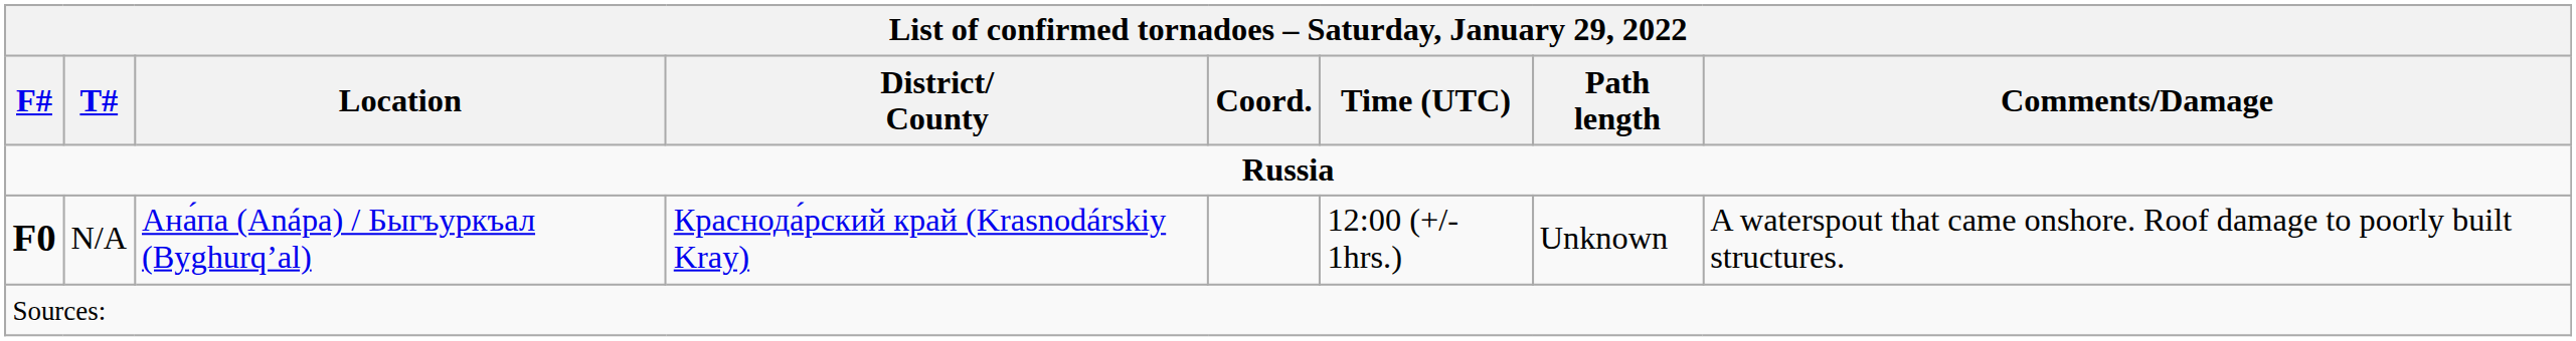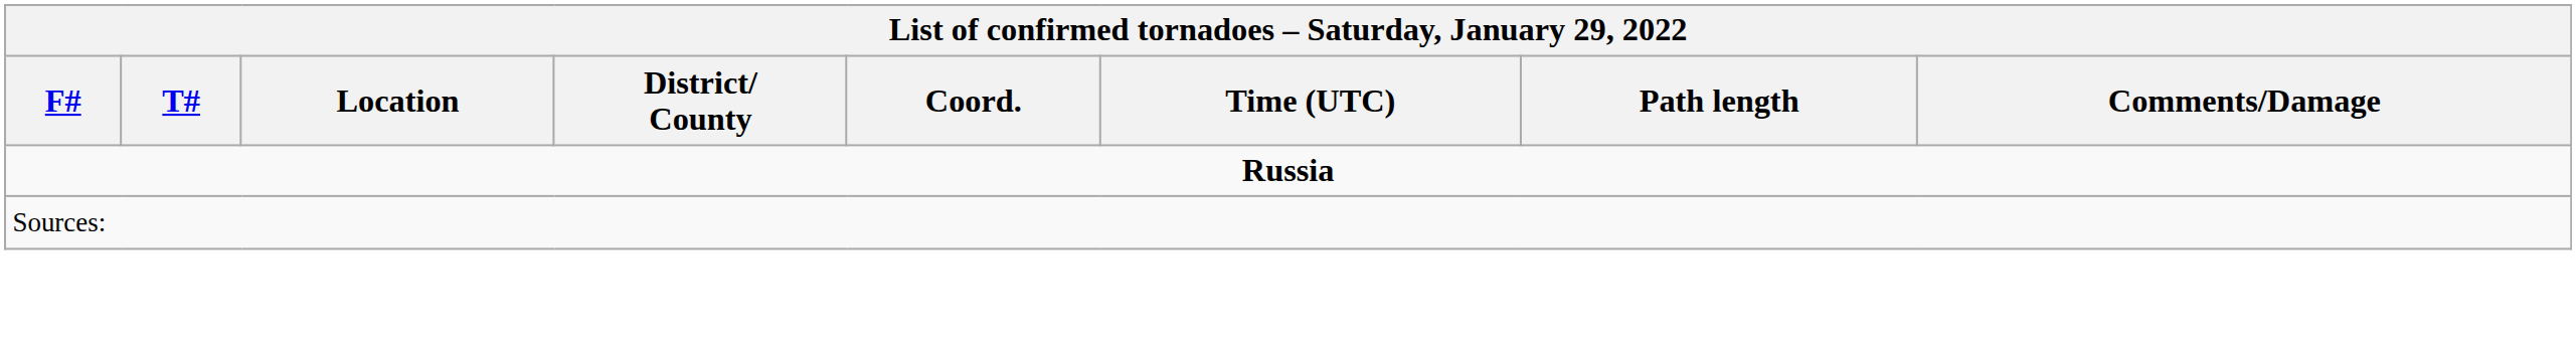 <table class="wikitable collapsible" width="100%">
 <tr>
 <th colspan="8">List of confirmed tornadoes – Saturday, January 29, 2022</th>
 </tr>
 <tr>
 <th><a href='#'>F#</a></th>
 <th><a href='#'>T#</a></th>
 <th>Location</th>
 <th>District/<br>County</th>
 <th>Coord.</th>
 <th>Time (UTC)</th>
 <th>Path length</th>
 <th>Comments/Damage</th>
 </tr>
 <tr>
 <td colspan="8" align=center><strong>Russia</strong></td>
 </tr>
 <tr>
-<td><big><strong>F0</strong></big></td>
-<td>N/A</td>
-<td><a href='#'>Ана́па (Anápa) / Быгъуркъал (Byghurq’al)</a></td>
-<td><a href='#'>Краснода́рский край (Krasnodárskiy Kray)</a></td>
-<td></td>
-<td>12:00 (+/- 1hrs.)</td>
-<td>Unknown</td>
-<td>A waterspout that came onshore. Roof damage to poorly built structures.</td>
-</tr>
-<tr>
 <td colspan="8"><small>Sources:  </small></td>
 </tr>
 </table>
